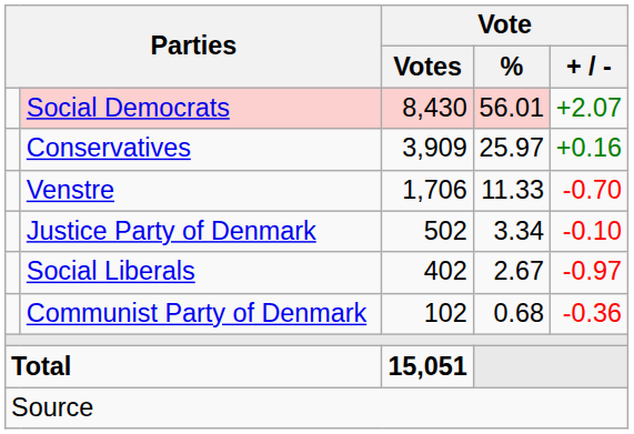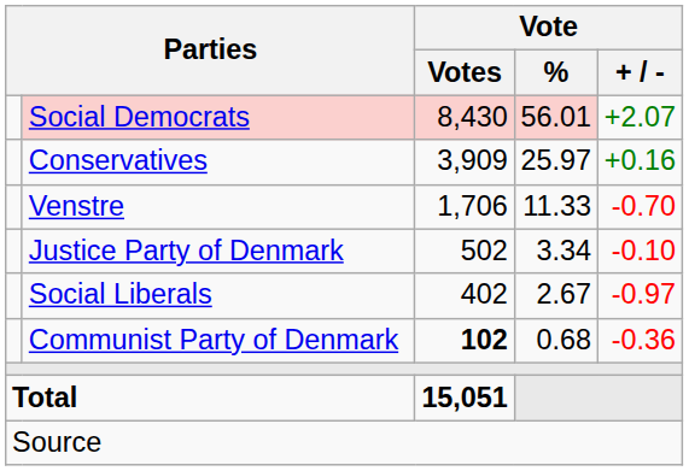 <table class="wikitable" style="text-align:right;">
 <tr>
 <th style="text-align:centre;" rowspan="2" colspan="2" width="225">Parties</th>
 <th colspan="3">Vote</th>
 </tr>
 <tr>
 <th width="15">Votes</th>
 <th width="15">%</th>
 <th width="15">+ / -</th>
 </tr>
 <tr>
 <td width="2" style="color:inherit;background:"></td>
 <td bgcolor=#fbd0ce  align="left"><a href='#'>Social Democrats</a></td>
 <td bgcolor=#fbd0ce>8,430</td>
 <td bgcolor=#fbd0ce>56.01</td>
 <td style=color:green;>+2.07</td>
 </tr>
 <tr>
 <td width="2" style="color:inherit;background:"></td>
 <td align="left"><a href='#'>Conservatives</a></td>
 <td>3,909</td>
 <td>25.97</td>
 <td style=color:green;>+0.16</td>
 </tr>
 <tr>
 <td width="2" style="color:inherit;background:"></td>
 <td align="left"><a href='#'>Venstre</a></td>
 <td>1,706</td>
 <td>11.33</td>
 <td style=color:red;>-0.70</td>
 </tr>
 <tr>
 <td width="2" style="color:inherit;background:"></td>
 <td align="left"><a href='#'>Justice Party of Denmark</a></td>
 <td>502</td>
 <td>3.34</td>
 <td style=color:red;>-0.10</td>
 </tr>
 <tr>
 <td width="2" style="color:inherit;background:"></td>
 <td align="left"><a href='#'>Social Liberals</a></td>
 <td>402</td>
 <td>2.67</td>
 <td style=color:red;>-0.97</td>
 </tr>
 <tr>
 <td width="2" style="color:inherit;background:"></td>
 <td align="left"><a href='#'>Communist Party of Denmark</a></td>
-<td>102</td>
+<td><strong>102</strong></td>
 <td>0.68</td>
 <td style=color:red;>-0.36</td>
 </tr>
 <tr>
 <td colspan="7" bgcolor="#E9E9E9"></td>
 </tr>
 <tr>
 <td align="left" colspan="2"><strong>Total</strong></td>
 <td><strong>15,051</strong></td>
 <td bgcolor="#E9E9E9" colspan="2"></td>
 </tr>
 <tr>
 <td align="left" colspan="6">Source</td>
 </tr>
 </table>
